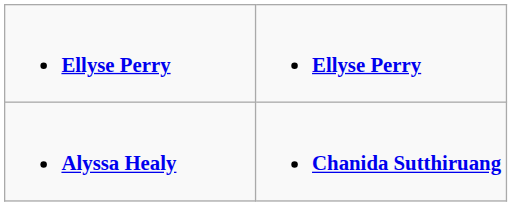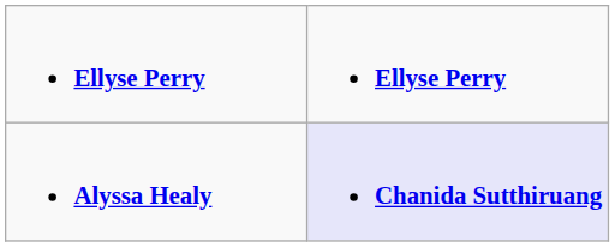 <table class=wikitable>
 <tr>
 <td valign="top" width="50%"><br><ul><li><strong> <a href='#'>Ellyse Perry</a></strong></li></ul></td>
 <td valign="top" width="50%"><br><ul><li><strong> <a href='#'>Ellyse Perry</a></strong></li></ul></td>
 </tr>
 <tr>
 <td valign="top" width="50%"><br><ul><li><strong> <a href='#'>Alyssa Healy</a></strong></li></ul></td>
-<td valign="top" width="50%"><br><ul><li><strong> <a href='#'>Chanida Sutthiruang</a></strong></li></ul></td>
+<td valign="top" width="50%" style="background: lavender;"><br><ul><li><strong> <a href='#'>Chanida Sutthiruang</a></strong></li></ul></td>
 </tr>
 </table>
